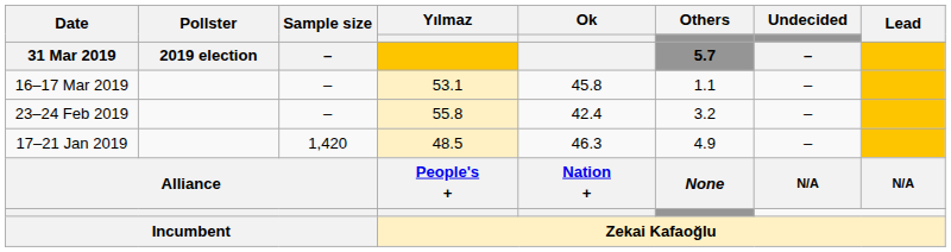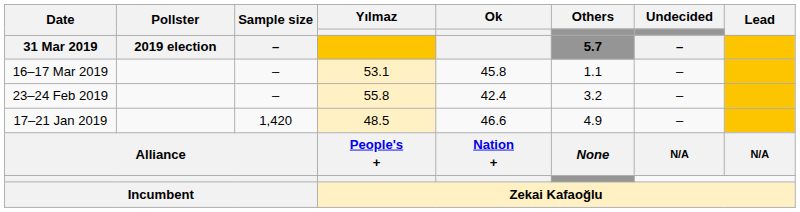 <table class="wikitable" style="text-align:center; font-size:90%; line-height:20px;">
 <tr>
 <th rowspan=2 width="150px">Date</th>
 <th rowspan=2 width="150px">Pollster</th>
 <th rowspan=2 width="85px">Sample size</th>
 <th width=150>Yılmaz</th>
 <th width=150>Ok</th>
 <th width=100>Others</th>
 <th width=100>Undecided</th>
 <th width=85 rowspan=2>Lead</th>
 </tr>
 <tr>
 <th style="background: "></th>
 <th style="background: "></th>
 <th style="background: #959595"></th>
 <th style="background: #959595"></th>
 </tr>
 <tr>
 <th>31 Mar 2019</th>
 <th>2019 election</th>
 <th>–</th>
 <th style="background: #fdc400"></th>
 <th style="background: "></th>
 <th style="background: #959595">5.7</th>
 <th>–</th>
 <th style="background: #fdc400"></th>
 </tr>
 <tr>
 <td>16–17 Mar 2019</td>
 <td></td>
 <td>–</td>
 <td style="background: #FFF1C4">53.1</td>
 <td>45.8</td>
 <td>1.1</td>
 <td>–</td>
 <td style="background: #fdc400"></td>
 </tr>
 <tr>
 <td>23–24 Feb 2019</td>
 <td></td>
 <td>–</td>
 <td style="background: #FFF1C4">55.8</td>
 <td>42.4</td>
 <td>3.2</td>
 <td>–</td>
 <td style="background: #fdc400"></td>
 </tr>
 <tr>
 <td>17–21 Jan 2019</td>
 <td></td>
 <td>1,420</td>
 <td style="background: #FFF1C4">48.5</td>
-<td>46.3</td>
+<td>46.6</td>
 <td>4.9</td>
 <td>–</td>
 <td style="background: #fdc400"></td>
 </tr>
 <tr>
 <th colspan=3>Alliance</th>
 <th width=150><a href='#'>People's</a><br><small></small> + <small></small></th>
 <th width=150><a href='#'>Nation</a><br><small></small> + <small></small></th>
 <th width=100><em>None</em></th>
 <th width=100><small>N/A</small></th>
 <th width=85><small>N/A</small></th>
 </tr>
 <tr>
 <th colspan=3></th>
 <th style="background: "></th>
 <th style="background: "></th>
 <th style="background: #959595"></th>
 </tr>
 <tr>
 <th colspan=3>Incumbent</th>
 <th style="background:  #FFF1C4" colspan=5>Zekai Kafaoğlu <small></small></th>
 </tr>
 </table>
